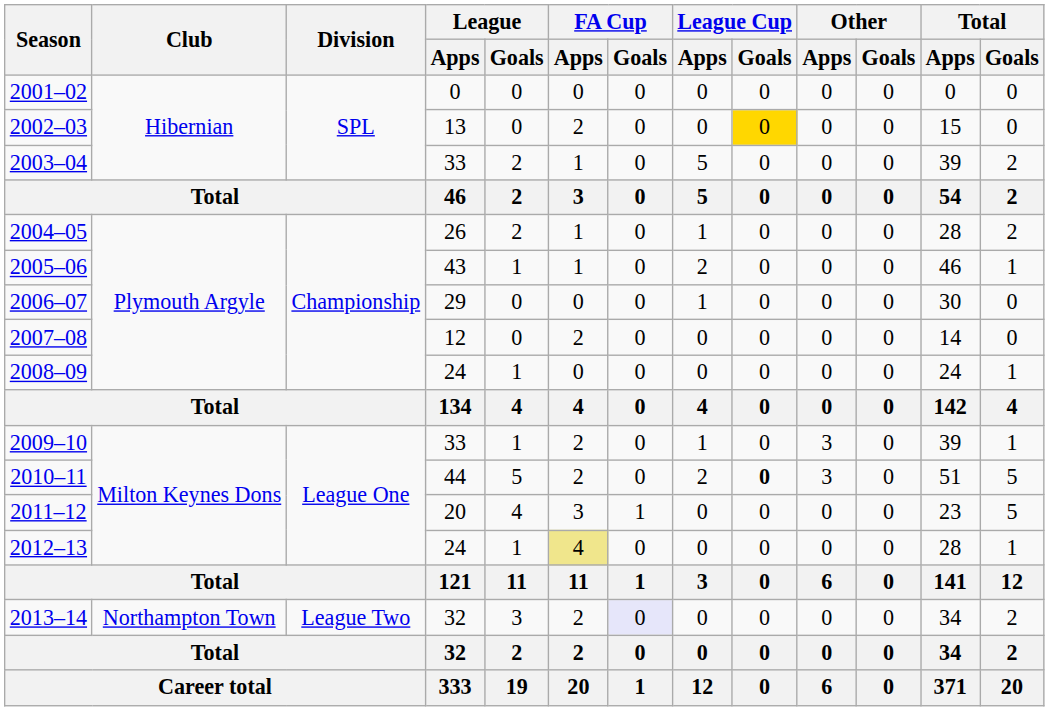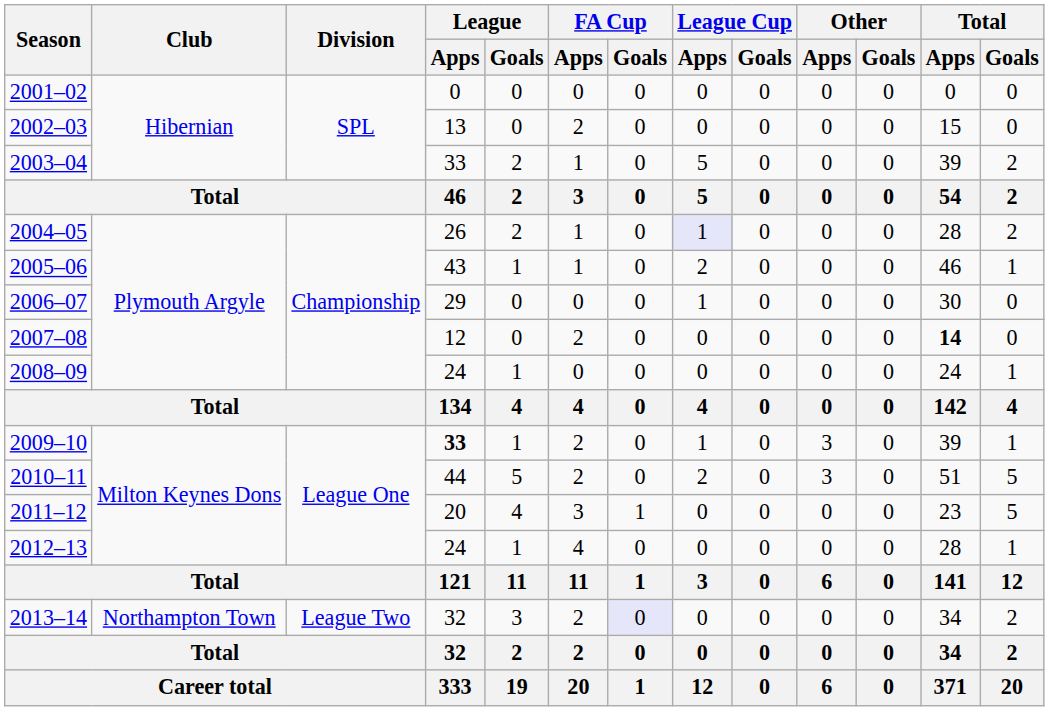 <table class="wikitable" style="text-align:center;">
 <tr>
 <th rowspan="2">Season</th>
 <th rowspan="2">Club</th>
 <th rowspan="2">Division</th>
 <th colspan="2">League</th>
 <th colspan="2"><a href='#'>FA Cup</a></th>
 <th colspan="2"><a href='#'>League Cup</a></th>
 <th colspan="2">Other</th>
 <th colspan="2">Total</th>
 </tr>
 <tr>
 <th>Apps</th>
 <th>Goals</th>
 <th>Apps</th>
 <th>Goals</th>
 <th>Apps</th>
 <th>Goals</th>
 <th>Apps</th>
 <th>Goals</th>
 <th>Apps</th>
 <th>Goals</th>
 </tr>
 <tr>
 <td><a href='#'>2001–02</a></td>
 <td rowspan="3"><a href='#'>Hibernian</a></td>
 <td rowspan="3"><a href='#'>SPL</a></td>
 <td>0</td>
 <td>0</td>
 <td>0</td>
 <td>0</td>
 <td>0</td>
 <td>0</td>
 <td>0</td>
 <td>0</td>
 <td>0</td>
 <td>0</td>
 </tr>
 <tr>
 <td><a href='#'>2002–03</a></td>
 <td>13</td>
 <td>0</td>
 <td>2</td>
 <td>0</td>
 <td>0</td>
-<td style="background: gold;">0</td>
+<td>0</td>
 <td>0</td>
 <td>0</td>
 <td>15</td>
 <td>0</td>
 </tr>
 <tr>
 <td><a href='#'>2003–04</a></td>
 <td>33</td>
 <td>2</td>
 <td>1</td>
 <td>0</td>
 <td>5</td>
 <td>0</td>
 <td>0</td>
 <td>0</td>
 <td>39</td>
 <td>2</td>
 </tr>
 <tr>
 <th colspan="3">Total</th>
 <th>46</th>
 <th>2</th>
 <th>3</th>
 <th>0</th>
 <th>5</th>
 <th>0</th>
 <th>0</th>
 <th>0</th>
 <th>54</th>
 <th>2</th>
 </tr>
 <tr>
 <td><a href='#'>2004–05</a></td>
 <td rowspan="5"><a href='#'>Plymouth Argyle</a></td>
 <td rowspan="5"><a href='#'>Championship</a></td>
 <td>26</td>
 <td>2</td>
 <td>1</td>
 <td>0</td>
-<td>1</td>
+<td style="background: lavender;">1</td>
 <td>0</td>
 <td>0</td>
 <td>0</td>
 <td>28</td>
 <td>2</td>
 </tr>
 <tr>
 <td><a href='#'>2005–06</a></td>
 <td>43</td>
 <td>1</td>
 <td>1</td>
 <td>0</td>
 <td>2</td>
 <td>0</td>
 <td>0</td>
 <td>0</td>
 <td>46</td>
 <td>1</td>
 </tr>
 <tr>
 <td><a href='#'>2006–07</a></td>
 <td>29</td>
 <td>0</td>
 <td>0</td>
 <td>0</td>
 <td>1</td>
 <td>0</td>
 <td>0</td>
 <td>0</td>
 <td>30</td>
 <td>0</td>
 </tr>
 <tr>
 <td><a href='#'>2007–08</a></td>
 <td>12</td>
 <td>0</td>
 <td>2</td>
 <td>0</td>
 <td>0</td>
 <td>0</td>
 <td>0</td>
 <td>0</td>
-<td>14</td>
+<td><strong>14</strong></td>
 <td>0</td>
 </tr>
 <tr>
 <td><a href='#'>2008–09</a></td>
 <td>24</td>
 <td>1</td>
 <td>0</td>
 <td>0</td>
 <td>0</td>
 <td>0</td>
 <td>0</td>
 <td>0</td>
 <td>24</td>
 <td>1</td>
 </tr>
 <tr>
 <th colspan="3">Total</th>
 <th>134</th>
 <th>4</th>
 <th>4</th>
 <th>0</th>
 <th>4</th>
 <th>0</th>
 <th>0</th>
 <th>0</th>
 <th>142</th>
 <th>4</th>
 </tr>
 <tr>
 <td><a href='#'>2009–10</a></td>
 <td rowspan="4"><a href='#'>Milton Keynes Dons</a></td>
 <td rowspan="4"><a href='#'>League One</a></td>
-<td>33</td>
+<td><strong>33</strong></td>
 <td>1</td>
 <td>2</td>
 <td>0</td>
 <td>1</td>
 <td>0</td>
 <td>3</td>
 <td>0</td>
 <td>39</td>
 <td>1</td>
 </tr>
 <tr>
 <td><a href='#'>2010–11</a></td>
 <td>44</td>
 <td>5</td>
 <td>2</td>
 <td>0</td>
 <td>2</td>
-<td><strong>0</strong></td>
+<td>0</td>
 <td>3</td>
 <td>0</td>
 <td>51</td>
 <td>5</td>
 </tr>
 <tr>
 <td><a href='#'>2011–12</a></td>
 <td>20</td>
 <td>4</td>
 <td>3</td>
 <td>1</td>
 <td>0</td>
 <td>0</td>
 <td>0</td>
 <td>0</td>
 <td>23</td>
 <td>5</td>
 </tr>
 <tr>
 <td><a href='#'>2012–13</a></td>
 <td>24</td>
 <td>1</td>
-<td style="background: khaki;">4</td>
+<td>4</td>
 <td>0</td>
 <td>0</td>
 <td>0</td>
 <td>0</td>
 <td>0</td>
 <td>28</td>
 <td>1</td>
 </tr>
 <tr>
 <th colspan="3">Total</th>
 <th>121</th>
 <th>11</th>
 <th>11</th>
 <th>1</th>
 <th>3</th>
 <th>0</th>
 <th>6</th>
 <th>0</th>
 <th>141</th>
 <th>12</th>
 </tr>
 <tr>
 <td><a href='#'>2013–14</a></td>
 <td><a href='#'>Northampton Town</a></td>
 <td><a href='#'>League Two</a></td>
 <td>32</td>
 <td>3</td>
 <td>2</td>
 <td style="background: lavender;">0</td>
 <td>0</td>
 <td>0</td>
 <td>0</td>
 <td>0</td>
 <td>34</td>
 <td>2</td>
 </tr>
 <tr>
 <th colspan="3">Total</th>
 <th>32</th>
 <th>2</th>
 <th>2</th>
 <th>0</th>
 <th>0</th>
 <th>0</th>
 <th>0</th>
 <th>0</th>
 <th>34</th>
 <th>2</th>
 </tr>
 <tr>
 <th colspan="3">Career total</th>
 <th>333</th>
 <th>19</th>
 <th>20</th>
 <th>1</th>
 <th>12</th>
 <th>0</th>
 <th>6</th>
 <th>0</th>
 <th>371</th>
 <th>20</th>
 </tr>
 </table>
